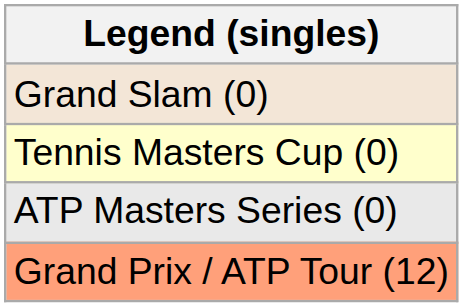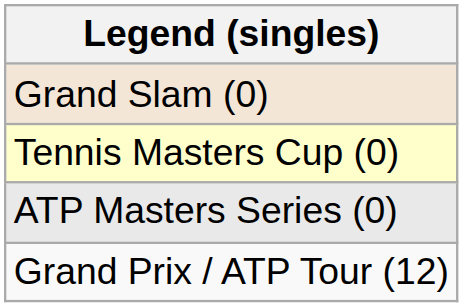 <table class="wikitable sortable mw-collapsible mw-collapsed">
 <tr>
 <th>Legend (singles)</th>
 </tr>
 <tr style="background:#f3e6d7;">
 <td>Grand Slam (0)</td>
 </tr>
 <tr style="background:#ffffcc;">
 <td>Tennis Masters Cup (0)</td>
 </tr>
 <tr style="background:#e9e9e9;">
 <td>ATP Masters Series (0)</td>
 </tr>
 <tr>
-<td style="background: lightsalmon;">Grand Prix / ATP Tour (12)</td>
+<td>Grand Prix / ATP Tour (12)</td>
 </tr>
 </table>
